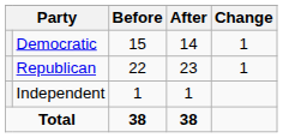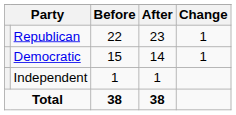 <table class="wikitable" style="text-align:center;">
 <tr>
 </tr>
 <tr>
 <th colspan=2>Party</th>
 <th>Before</th>
 <th>After</th>
 <th>Change</th>
 </tr>
 <tr>
 <th style="background-color:"></th>
-<td style="text-align:left;"><a href='#'>Democratic</a></td>
-<td>15</td>
-<td>14</td>
+<td style="text-align:left;"><a href='#'>Republican</a></td>
+<td>22</td>
+<td>23</td>
 <td> 1</td>
 </tr>
 <tr>
 <th style="background-color:"></th>
-<td style="text-align:left;"><a href='#'>Republican</a></td>
-<td>22</td>
-<td>23</td>
+<td style="text-align:left;"><a href='#'>Democratic</a></td>
+<td>15</td>
+<td>14</td>
 <td> 1</td>
 </tr>
 <tr>
 <th style="background-color:"></th>
 <td style="text-align:left;">Independent</td>
 <td>1</td>
 <td>1</td>
 <td></td>
 </tr>
 <tr>
 <td colspan=2><strong>Total</strong></td>
 <td><strong>38</strong></td>
 <td><strong>38</strong></td>
 <td></td>
 </tr>
 </table>
